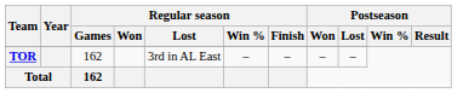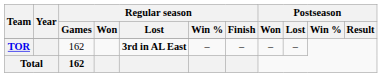 <table class="wikitable" style="font-size: 95%; text-align:center;">
 <tr>
 <th rowspan="2">Team</th>
 <th rowspan="2">Year</th>
 <th colspan="5">Regular season</th>
 <th colspan="4">Postseason</th>
 </tr>
 <tr>
 <th>Games</th>
 <th>Won</th>
 <th>Lost</th>
 <th>Win %</th>
 <th>Finish</th>
 <th>Won</th>
 <th>Lost</th>
 <th>Win %</th>
 <th>Result</th>
 </tr>
 <tr>
 </tr>
 <tr>
 <th><a href='#'>TOR</a></th>
 <th></th>
 <td>162</td>
 <td></td>
-<td>3rd in AL East</td>
+<td><strong>3rd in AL East</strong></td>
 <td>–</td>
 <td>–</td>
 <td>–</td>
 <td>–</td>
 </tr>
 <tr>
 <th colspan="2">Total</th>
 <th>162</th>
 <th></th>
 <th></th>
 <th></th>
 <th></th>
 </tr>
 </table>
